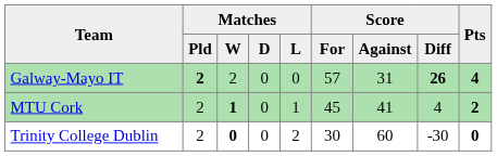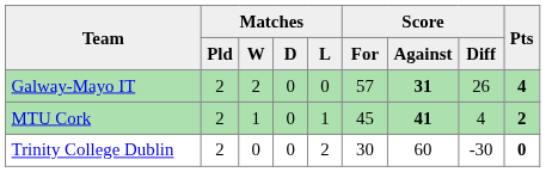 <table style=border-collapse:collapse border=1 cellspacing=0 cellpadding=5>
 <tr align=center bgcolor=#efefef>
 <th rowspan=2 width=165>Team</th>
 <th colspan=4>Matches</th>
 <th colspan=3>Score</th>
 <th rowspan=2width=20>Pts</th>
 </tr>
 <tr align=center bgcolor=#efefef>
 <th width=20>Pld</th>
 <th width=20>W</th>
 <th width=20>D</th>
 <th width=20>L</th>
 <th width=30>For</th>
 <th width=30>Against</th>
 <th width=30>Diff</th>
 </tr>
 <tr align=center style="background:#ACE1AF;">
 <td style="text-align:left;"><a href='#'>Galway-Mayo IT</a></td>
-<td><strong>2</strong></td>
+<td>2</td>
 <td>2</td>
 <td>0</td>
 <td>0</td>
 <td>57</td>
-<td>31</td>
-<td><strong>26</strong></td>
+<td><strong>31</strong></td>
+<td>26</td>
 <td><strong>4</strong></td>
 </tr>
 <tr align=center style="background:#ACE1AF;">
 <td style="text-align:left;"><a href='#'>MTU Cork</a></td>
 <td>2</td>
-<td><strong>1</strong></td>
+<td>1</td>
 <td>0</td>
 <td>1</td>
 <td>45</td>
-<td>41</td>
+<td><strong>41</strong></td>
 <td>4</td>
 <td><strong>2</strong></td>
 </tr>
 <tr align=center>
 <td style="text-align:left;"><a href='#'>Trinity College Dublin</a></td>
 <td>2</td>
-<td><strong>0</strong></td>
+<td>0</td>
 <td>0</td>
 <td>2</td>
 <td>30</td>
 <td>60</td>
 <td>-30</td>
 <td><strong>0</strong></td>
 </tr>
 </table>
